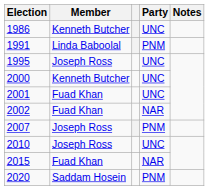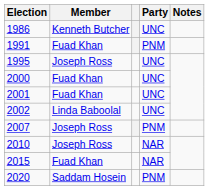 <table class="wikitable sortable">
 <tr>
 <th>Election</th>
 <th>Member</th>
 <th></th>
 <th>Party</th>
 <th>Notes</th>
 </tr>
 <tr>
 <td><a href='#'>1986</a></td>
 <td><a href='#'>Kenneth Butcher</a></td>
 <th style="background-color: "></th>
 <td><a href='#'>UNC</a></td>
 <td></td>
 </tr>
 <tr>
 <td><a href='#'>1991</a></td>
-<td><a href='#'>Linda Baboolal</a></td>
+<td><a href='#'>Fuad Khan</a></td>
 <th style="background-color: "></th>
 <td><a href='#'>PNM</a></td>
 <td></td>
 </tr>
 <tr>
 <td><a href='#'>1995</a></td>
 <td><a href='#'>Joseph Ross</a></td>
 <td style="background:"> </td>
 <td><a href='#'>UNC</a></td>
 <td rowspan="4"></td>
 </tr>
 <tr>
 <td><a href='#'>2000</a></td>
-<td><a href='#'>Kenneth Butcher</a></td>
+<td><a href='#'>Fuad Khan</a></td>
 <td style="background:"> </td>
 <td><a href='#'>UNC</a></td>
 </tr>
 <tr>
 <td><a href='#'>2001</a></td>
 <td><a href='#'>Fuad Khan</a></td>
 <td style="background:"> </td>
 <td><a href='#'>UNC</a></td>
 </tr>
 <tr>
 <td><a href='#'>2002</a></td>
-<td><a href='#'>Fuad Khan</a></td>
+<td><a href='#'>Linda Baboolal</a></td>
 <td style="background:"> </td>
-<td><a href='#'>NAR</a></td>
+<td><a href='#'>UNC</a></td>
 </tr>
 <tr>
 <td><a href='#'>2007</a></td>
 <td><a href='#'>Joseph Ross</a></td>
 <th style="background-color: "></th>
 <td><a href='#'>PNM</a></td>
 <td></td>
 </tr>
 <tr>
 <td><a href='#'>2010</a></td>
 <td><a href='#'>Joseph Ross</a></td>
 <td style="background:"> </td>
-<td><a href='#'>UNC</a></td>
+<td><a href='#'>NAR</a></td>
 <td rowspan="2"></td>
 </tr>
 <tr>
 <td><a href='#'>2015</a></td>
 <td><a href='#'>Fuad Khan</a></td>
 <td style="background:"> </td>
 <td><a href='#'>NAR</a></td>
 </tr>
 <tr>
 <td><a href='#'>2020</a></td>
 <td><a href='#'>Saddam Hosein</a></td>
 <td style="background:"> </td>
 <td><a href='#'>PNM</a></td>
 <td></td>
 </tr>
 </table>
